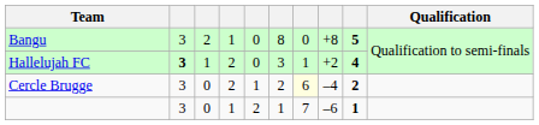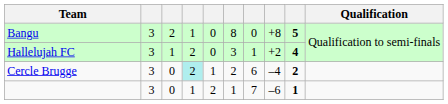 <table class="wikitable" style="text-align:center;">
 <tr>
 <th width=175>Team</th>
 <th width=20></th>
 <th width=20></th>
 <th width=20></th>
 <th width=20></th>
 <th width=20></th>
 <th width=20></th>
 <th width=20></th>
 <th width=20></th>
 <th>Qualification</th>
 </tr>
 <tr bgcolor="#ccffcc">
 <td align="left"> <a href='#'>Bangu</a></td>
 <td>3</td>
 <td>2</td>
 <td>1</td>
 <td>0</td>
 <td>8</td>
 <td>0</td>
 <td>+8</td>
 <td><strong>5</strong></td>
 <td rowspan="2">Qualification to semi-finals</td>
 </tr>
 <tr bgcolor="#ccffcc">
 <td align="left"> <a href='#'>Hallelujah FC</a></td>
-<td><strong>3</strong></td>
+<td>3</td>
 <td>1</td>
 <td>2</td>
 <td>0</td>
 <td>3</td>
 <td>1</td>
 <td>+2</td>
 <td><strong>4</strong></td>
 </tr>
 <tr>
 <td align="left"> <a href='#'>Cercle Brugge</a></td>
 <td>3</td>
 <td>0</td>
-<td>2</td>
+<td style="background: paleturquoise;">2</td>
 <td>1</td>
 <td>2</td>
-<td style="background: lightyellow;">6</td>
+<td>6</td>
 <td>–4</td>
 <td><strong>2</strong></td>
 <td></td>
 </tr>
 <tr>
 <td align="left"></td>
 <td>3</td>
 <td>0</td>
 <td>1</td>
 <td>2</td>
 <td>1</td>
 <td>7</td>
 <td>–6</td>
 <td><strong>1</strong></td>
 <td></td>
 </tr>
 </table>
